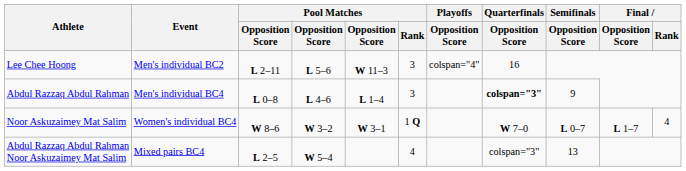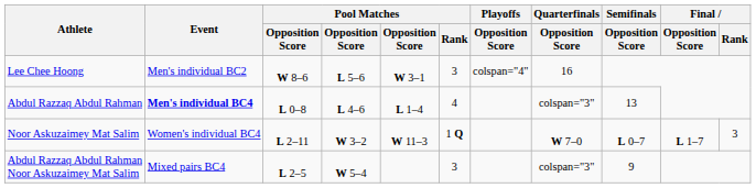 <table class=wikitable style="font-size:90%">
 <tr>
 <th rowspan="2">Athlete</th>
 <th rowspan="2">Event</th>
 <th colspan="4">Pool Matches</th>
 <th>Playoffs</th>
 <th>Quarterfinals</th>
 <th>Semifinals</th>
 <th colspan="2">Final / </th>
 </tr>
 <tr>
 <th>Opposition<br>Score</th>
 <th>Opposition<br>Score</th>
 <th>Opposition<br>Score</th>
 <th>Rank</th>
 <th>Opposition<br>Score</th>
 <th>Opposition<br>Score</th>
 <th>Opposition<br>Score</th>
 <th>Opposition<br>Score</th>
 <th>Rank</th>
 </tr>
 <tr align="center">
 <td align="left"><a href='#'>Lee Chee Hoong</a></td>
 <td align="left"><a href='#'>Men's individual BC2</a></td>
-<td><br><strong>L</strong> 2–11</td>
+<td><br><strong>W</strong> 8–6</td>
 <td><br><strong>L</strong> 5–6</td>
-<td><br><strong>W</strong> 11–3</td>
+<td><br><strong>W</strong> 3–1</td>
 <td>3</td>
 <td>colspan="4" </td>
 <td>16</td>
 </tr>
 <tr align="center">
 <td align="left"><a href='#'>Abdul Razzaq Abdul Rahman</a></td>
-<td align="left"><a href='#'>Men's individual BC4</a></td>
+<td align="left"><strong><a href='#'>Men's individual BC4</a></strong></td>
 <td><br><strong>L</strong> 0–8</td>
 <td><br><strong>L</strong> 4–6</td>
 <td><br><strong>L</strong> 1–4</td>
-<td>3</td>
+<td>4</td>
 <td></td>
-<td><strong>colspan="3" </strong></td>
-<td>9</td>
+<td>colspan="3" </td>
+<td>13</td>
 </tr>
 <tr align="center">
 <td align="left"><a href='#'>Noor Askuzaimey Mat Salim</a></td>
 <td align="left"><a href='#'>Women's individual BC4</a></td>
-<td><br><strong>W</strong> 8–6</td>
+<td><br><strong>L</strong> 2–11</td>
 <td><br><strong>W</strong> 3–2</td>
-<td><br><strong>W</strong> 3–1</td>
+<td><br><strong>W</strong> 11–3</td>
 <td>1 <strong>Q</strong></td>
 <td></td>
 <td><br><strong>W</strong> 7–0</td>
 <td><br><strong>L</strong> 0–7</td>
 <td><br> <strong>L</strong> 1–7</td>
-<td>4</td>
+<td>3</td>
 </tr>
 <tr align="center">
 <td align="left"><a href='#'>Abdul Razzaq Abdul Rahman</a><br><a href='#'>Noor Askuzaimey Mat Salim</a></td>
 <td align="left"><a href='#'>Mixed pairs BC4</a></td>
 <td><br><strong>L</strong> 2–5</td>
 <td><br><strong>W</strong> 5–4</td>
 <td></td>
-<td>4</td>
+<td>3</td>
 <td></td>
 <td>colspan="3" </td>
-<td>13</td>
+<td>9</td>
 </tr>
 </table>
